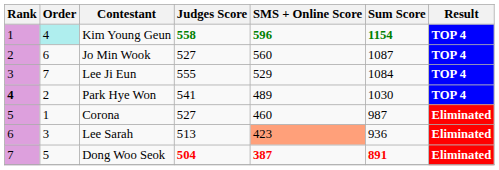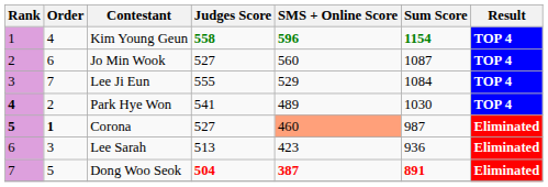 <table class="wikitable">
 <tr>
 <th scope="col">Rank</th>
 <th scope="col">Order</th>
 <th scope="col">Contestant</th>
 <th scope="col">Judges Score</th>
 <th scope="col">SMS + Online Score</th>
 <th scope="col">Sum Score</th>
 <th scope="col">Result</th>
 </tr>
 <tr>
 <td style="background:plum">1</td>
-<td style="background: paleturquoise;">4</td>
+<td>4</td>
 <td>Kim Young Geun</td>
 <td style=color:green><strong>558</strong></td>
 <td style=color:green><strong>596</strong></td>
 <td style=color:green><strong>1154</strong></td>
 <td style="background:blue;color:white"><strong>TOP 4</strong></td>
 </tr>
 <tr>
 <td style="background:plum">2</td>
 <td>6</td>
 <td>Jo Min Wook</td>
 <td>527</td>
 <td>560</td>
 <td>1087</td>
 <td style="background:blue;color:white"><strong>TOP 4</strong></td>
 </tr>
 <tr>
 <td style="background:plum">3</td>
 <td>7</td>
 <td>Lee Ji Eun</td>
 <td>555</td>
 <td>529</td>
 <td>1084</td>
 <td style="background:blue;color:white"><strong>TOP 4</strong></td>
 </tr>
 <tr>
 <td style="background:plum"><strong>4</strong></td>
 <td>2</td>
 <td>Park Hye Won</td>
 <td>541</td>
 <td>489</td>
 <td>1030</td>
 <td style="background:blue;color:white"><strong>TOP 4</strong></td>
 </tr>
 <tr>
-<td style="background:plum">5</td>
-<td>1</td>
+<td style="background:plum"><strong>5</strong></td>
+<td><strong>1</strong></td>
 <td>Corona</td>
 <td>527</td>
-<td>460</td>
+<td style="background: lightsalmon;">460</td>
 <td>987</td>
 <td style="background:red;color:white"><strong>Eliminated</strong></td>
 </tr>
 <tr>
 <td style="background:plum">6</td>
 <td>3</td>
 <td>Lee Sarah</td>
 <td>513</td>
-<td style="background: lightsalmon;">423</td>
+<td>423</td>
 <td>936</td>
 <td style="background:red;color:white"><strong>Eliminated</strong></td>
 </tr>
 <tr>
 <td style="background:plum">7</td>
 <td>5</td>
 <td>Dong Woo Seok</td>
 <td style=color:red><strong>504</strong></td>
 <td style=color:red><strong>387</strong></td>
 <td style=color:red><strong>891</strong></td>
 <td style="background:red;color:white"><strong>Eliminated</strong></td>
 </tr>
 <tr>
 </tr>
 </table>
